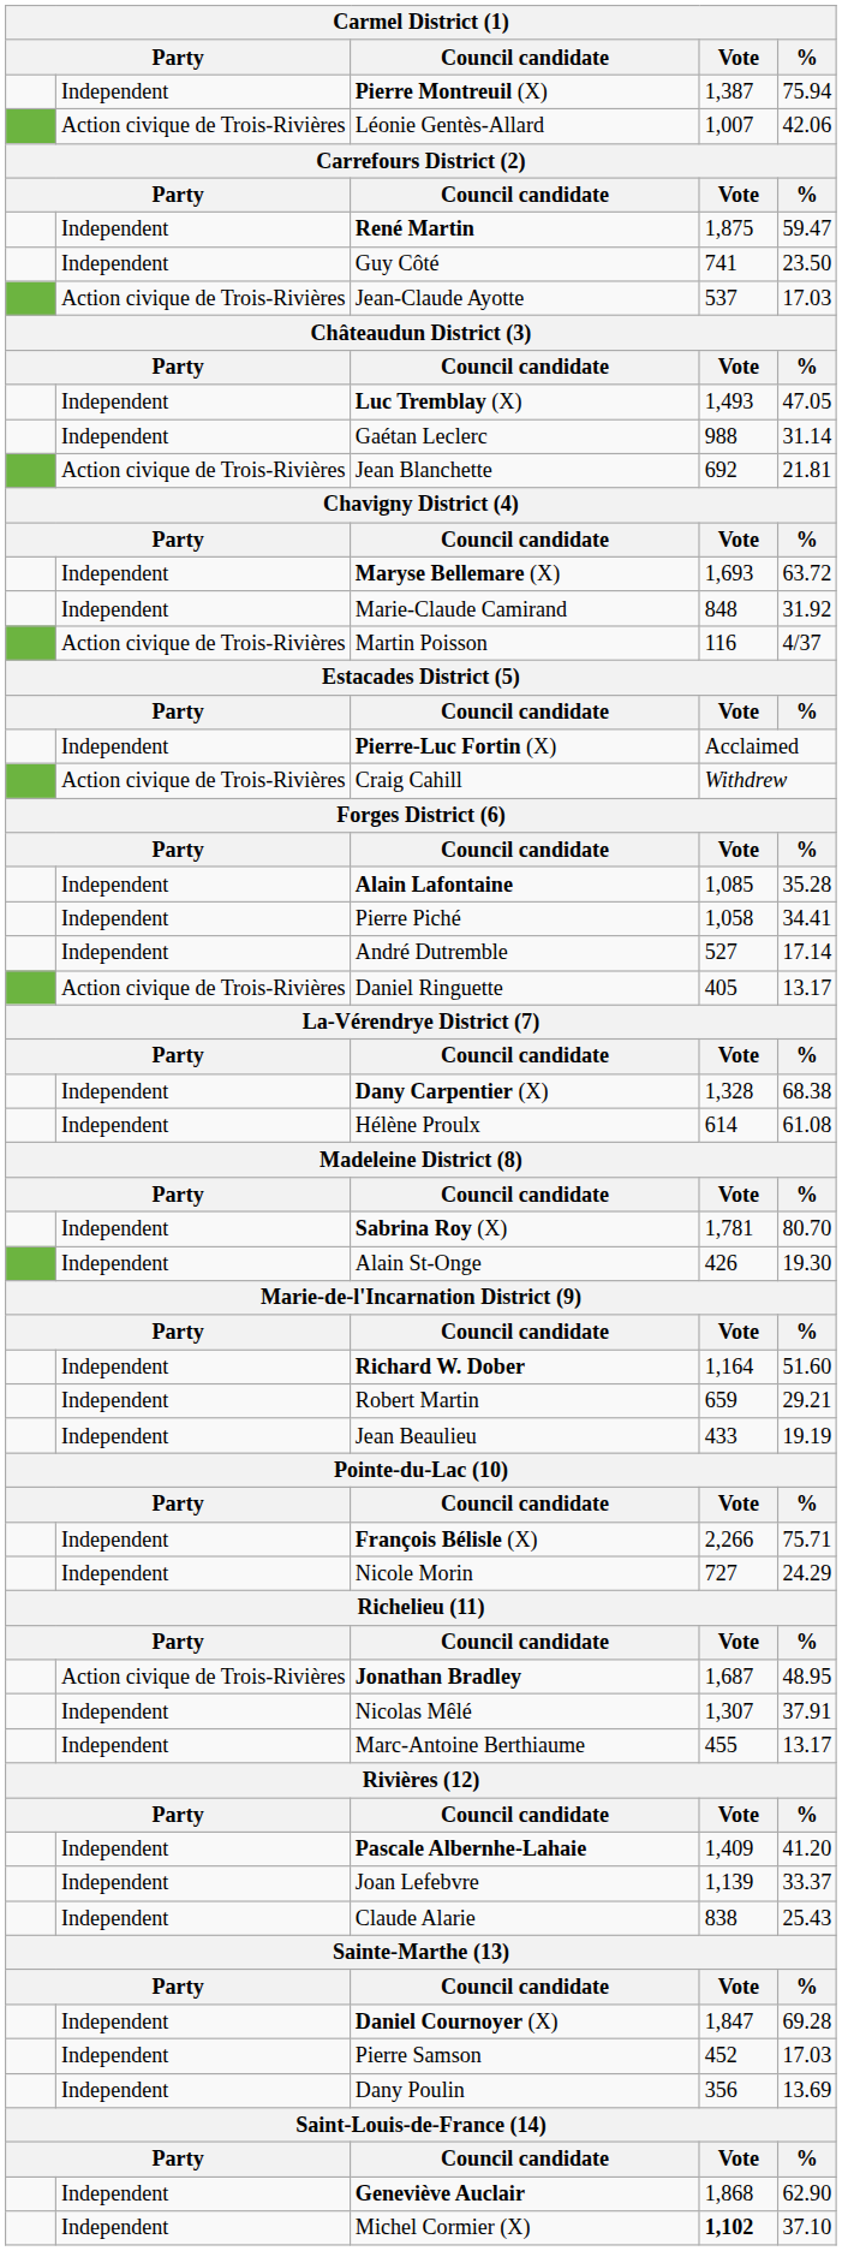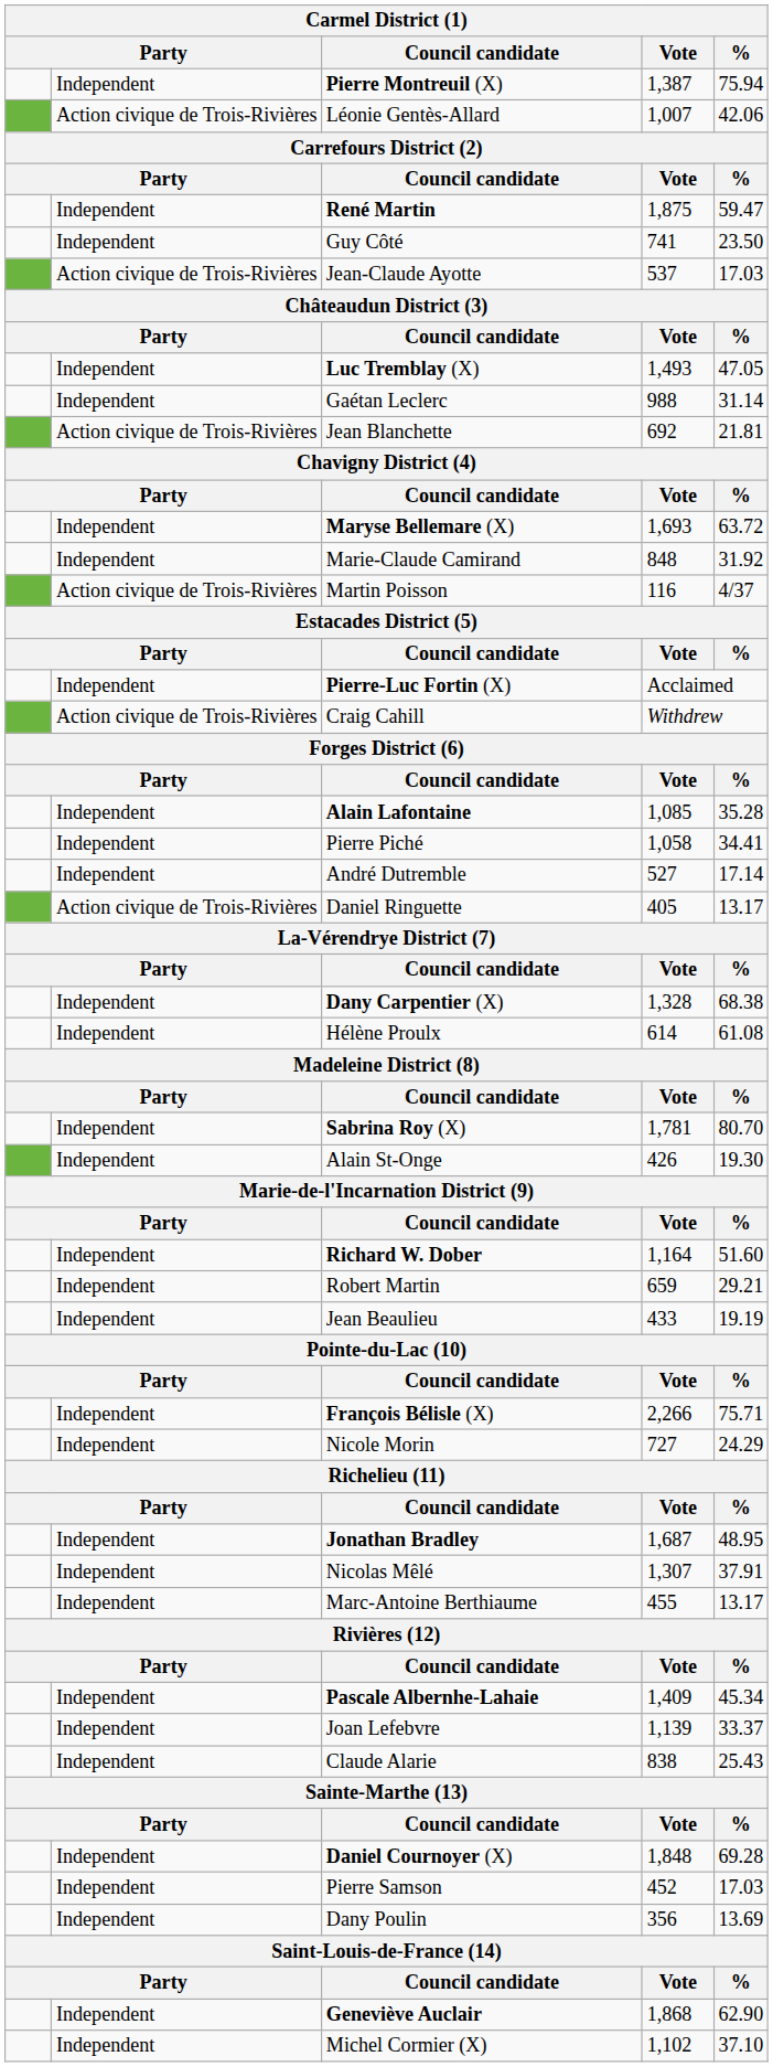 <table class="wikitable">
 <tr>
 <th colspan="5">Carmel District (1)</th>
 </tr>
 <tr>
 <th bgcolor="#DDDDFF" width="230px" colspan="2">Party</th>
 <th bgcolor="#DDDDFF" width="250px">Council candidate</th>
 <th bgcolor="#DDDDFF" width="50px">Vote</th>
 <th bgcolor="#DDDDFF" width="30px">%</th>
 </tr>
 <tr>
 <td> </td>
 <td>Independent</td>
 <td><strong>Pierre Montreuil</strong> (X)</td>
 <td>1,387</td>
 <td>75.94</td>
 </tr>
 <tr>
 <td bgcolor=#6cb440 width="30px"> </td>
 <td>Action civique de Trois-Rivières</td>
 <td>Léonie Gentès-Allard</td>
 <td>1,007</td>
 <td>42.06</td>
 </tr>
 <tr>
 <th colspan="5">Carrefours District (2)</th>
 </tr>
 <tr>
 <th bgcolor="#DDDDFF" width="230px" colspan="2">Party</th>
 <th bgcolor="#DDDDFF" width="250px">Council candidate</th>
 <th bgcolor="#DDDDFF" width="50px">Vote</th>
 <th bgcolor="#DDDDFF" width="30px">%</th>
 </tr>
 <tr>
 <td> </td>
 <td>Independent</td>
 <td><strong>René Martin</strong></td>
 <td>1,875</td>
 <td>59.47</td>
 </tr>
 <tr>
 <td> </td>
 <td>Independent</td>
 <td>Guy Côté</td>
 <td>741</td>
 <td>23.50</td>
 </tr>
 <tr>
 <td bgcolor=#6cb440 width="30px"> </td>
 <td>Action civique de Trois-Rivières</td>
 <td>Jean-Claude Ayotte</td>
 <td>537</td>
 <td>17.03</td>
 </tr>
 <tr>
 <th colspan="5">Châteaudun District (3)</th>
 </tr>
 <tr>
 <th bgcolor="#DDDDFF" width="230px" colspan="2">Party</th>
 <th bgcolor="#DDDDFF" width="250px">Council candidate</th>
 <th bgcolor="#DDDDFF" width="50px">Vote</th>
 <th bgcolor="#DDDDFF" width="30px">%</th>
 </tr>
 <tr>
 <td> </td>
 <td>Independent</td>
 <td><strong>Luc Tremblay</strong> (X)</td>
 <td>1,493</td>
 <td>47.05</td>
 </tr>
 <tr>
 <td> </td>
 <td>Independent</td>
 <td>Gaétan Leclerc</td>
 <td>988</td>
 <td>31.14</td>
 </tr>
 <tr>
 <td bgcolor=#6cb440 width="30px"> </td>
 <td>Action civique de Trois-Rivières</td>
 <td>Jean Blanchette</td>
 <td>692</td>
 <td>21.81</td>
 </tr>
 <tr>
 <th colspan="5">Chavigny District (4)</th>
 </tr>
 <tr>
 <th bgcolor="#DDDDFF" width="230px" colspan="2">Party</th>
 <th bgcolor="#DDDDFF" width="250px">Council candidate</th>
 <th bgcolor="#DDDDFF" width="50px">Vote</th>
 <th bgcolor="#DDDDFF" width="30px">%</th>
 </tr>
 <tr>
 <td> </td>
 <td>Independent</td>
 <td><strong>Maryse Bellemare</strong> (X)</td>
 <td>1,693</td>
 <td>63.72</td>
 </tr>
 <tr>
 <td> </td>
 <td>Independent</td>
 <td>Marie-Claude Camirand</td>
 <td>848</td>
 <td>31.92</td>
 </tr>
 <tr>
 <td bgcolor=#6cb440 width="30px"> </td>
 <td>Action civique de Trois-Rivières</td>
 <td>Martin Poisson</td>
 <td>116</td>
 <td>4/37</td>
 </tr>
 <tr>
 <th colspan="5">Estacades District (5)</th>
 </tr>
 <tr>
 <th bgcolor="#DDDDFF" width="230px" colspan="2">Party</th>
 <th bgcolor="#DDDDFF" width="250px">Council candidate</th>
 <th bgcolor="#DDDDFF" width="50px">Vote</th>
 <th bgcolor="#DDDDFF" width="30px">%</th>
 </tr>
 <tr>
 <td> </td>
 <td>Independent</td>
 <td><strong>Pierre-Luc Fortin</strong> (X)</td>
 <td colspan="2">Acclaimed</td>
 </tr>
 <tr>
 <td bgcolor=#6cb440 width="30px"> </td>
 <td>Action civique de Trois-Rivières</td>
 <td>Craig Cahill</td>
 <td colspan="2"><em>Withdrew</em></td>
 </tr>
 <tr>
 <th colspan="5">Forges District (6)</th>
 </tr>
 <tr>
 <th bgcolor="#DDDDFF" width="230px" colspan="2">Party</th>
 <th bgcolor="#DDDDFF" width="250px">Council candidate</th>
 <th bgcolor="#DDDDFF" width="50px">Vote</th>
 <th bgcolor="#DDDDFF" width="30px">%</th>
 </tr>
 <tr>
 <td> </td>
 <td>Independent</td>
 <td><strong>Alain Lafontaine</strong></td>
 <td>1,085</td>
 <td>35.28</td>
 </tr>
 <tr>
 <td> </td>
 <td>Independent</td>
 <td>Pierre Piché</td>
 <td>1,058</td>
 <td>34.41</td>
 </tr>
 <tr>
 <td> </td>
 <td>Independent</td>
 <td>André Dutremble</td>
 <td>527</td>
 <td>17.14</td>
 </tr>
 <tr>
 <td bgcolor=#6cb440 width="30px"> </td>
 <td>Action civique de Trois-Rivières</td>
 <td>Daniel Ringuette</td>
 <td>405</td>
 <td>13.17</td>
 </tr>
 <tr>
 <th colspan="5">La-Vérendrye District (7)</th>
 </tr>
 <tr>
 <th bgcolor="#DDDDFF" width="230px" colspan="2">Party</th>
 <th bgcolor="#DDDDFF" width="250px">Council candidate</th>
 <th bgcolor="#DDDDFF" width="50px">Vote</th>
 <th bgcolor="#DDDDFF" width="30px">%</th>
 </tr>
 <tr>
 <td> </td>
 <td>Independent</td>
 <td><strong>Dany Carpentier</strong> (X)</td>
 <td>1,328</td>
 <td>68.38</td>
 </tr>
 <tr>
 <td> </td>
 <td>Independent</td>
 <td>Hélène Proulx</td>
 <td>614</td>
 <td>61.08</td>
 </tr>
 <tr>
 <th colspan="5">Madeleine District (8)</th>
 </tr>
 <tr>
 <th bgcolor="#DDDDFF" width="230px" colspan="2">Party</th>
 <th bgcolor="#DDDDFF" width="250px">Council candidate</th>
 <th bgcolor="#DDDDFF" width="50px">Vote</th>
 <th bgcolor="#DDDDFF" width="30px">%</th>
 </tr>
 <tr>
 <td> </td>
 <td>Independent</td>
 <td><strong>Sabrina Roy</strong> (X)</td>
 <td>1,781</td>
 <td>80.70</td>
 </tr>
 <tr>
 <td bgcolor=#6cb440 width="30px"> </td>
 <td>Independent</td>
 <td>Alain St-Onge</td>
 <td>426</td>
 <td>19.30</td>
 </tr>
 <tr>
 <th colspan="5">Marie-de-l'Incarnation District (9)</th>
 </tr>
 <tr>
 <th bgcolor="#DDDDFF" width="230px" colspan="2">Party</th>
 <th bgcolor="#DDDDFF" width="250px">Council candidate</th>
 <th bgcolor="#DDDDFF" width="50px">Vote</th>
 <th bgcolor="#DDDDFF" width="30px">%</th>
 </tr>
 <tr>
 <td> </td>
 <td>Independent</td>
 <td><strong>Richard W. Dober</strong></td>
 <td>1,164</td>
 <td>51.60</td>
 </tr>
 <tr>
 <td> </td>
 <td>Independent</td>
 <td>Robert Martin</td>
 <td>659</td>
 <td>29.21</td>
 </tr>
 <tr>
 <td> </td>
 <td>Independent</td>
 <td>Jean Beaulieu</td>
 <td>433</td>
 <td>19.19</td>
 </tr>
 <tr>
 <th colspan="5">Pointe-du-Lac (10)</th>
 </tr>
 <tr>
 <th bgcolor="#DDDDFF" width="230px" colspan="2">Party</th>
 <th bgcolor="#DDDDFF" width="250px">Council candidate</th>
 <th bgcolor="#DDDDFF" width="50px">Vote</th>
 <th bgcolor="#DDDDFF" width="30px">%</th>
 </tr>
 <tr>
 <td> </td>
 <td>Independent</td>
 <td><strong>François Bélisle</strong> (X)</td>
 <td>2,266</td>
 <td>75.71</td>
 </tr>
 <tr>
 <td> </td>
 <td>Independent</td>
 <td>Nicole Morin</td>
 <td>727</td>
 <td>24.29</td>
 </tr>
 <tr>
 <th colspan="5">Richelieu (11)</th>
 </tr>
 <tr>
 <th bgcolor="#DDDDFF" width="230px" colspan="2">Party</th>
 <th bgcolor="#DDDDFF" width="250px">Council candidate</th>
 <th bgcolor="#DDDDFF" width="50px">Vote</th>
 <th bgcolor="#DDDDFF" width="30px">%</th>
 </tr>
 <tr>
 <td> </td>
-<td>Action civique de Trois-Rivières</td>
+<td>Independent</td>
 <td><strong>Jonathan Bradley</strong></td>
 <td>1,687</td>
 <td>48.95</td>
 </tr>
 <tr>
 <td> </td>
 <td>Independent</td>
 <td>Nicolas Mêlé</td>
 <td>1,307</td>
 <td>37.91</td>
 </tr>
 <tr>
 <td> </td>
 <td>Independent</td>
 <td>Marc-Antoine Berthiaume</td>
 <td>455</td>
 <td>13.17</td>
 </tr>
 <tr>
 <th colspan="5">Rivières (12)</th>
 </tr>
 <tr>
 <th bgcolor="#DDDDFF" width="230px" colspan="2">Party</th>
 <th bgcolor="#DDDDFF" width="250px">Council candidate</th>
 <th bgcolor="#DDDDFF" width="50px">Vote</th>
 <th bgcolor="#DDDDFF" width="30px">%</th>
 </tr>
 <tr>
 <td> </td>
 <td>Independent</td>
 <td><strong>Pascale Albernhe-Lahaie</strong></td>
 <td>1,409</td>
-<td>41.20</td>
+<td>45.34</td>
 </tr>
 <tr>
 <td> </td>
 <td>Independent</td>
 <td>Joan Lefebvre</td>
 <td>1,139</td>
 <td>33.37</td>
 </tr>
 <tr>
 <td> </td>
 <td>Independent</td>
 <td>Claude Alarie</td>
 <td>838</td>
 <td>25.43</td>
 </tr>
 <tr>
 <th colspan="5">Sainte-Marthe (13)</th>
 </tr>
 <tr>
 <th bgcolor="#DDDDFF" width="230px" colspan="2">Party</th>
 <th bgcolor="#DDDDFF" width="250px">Council candidate</th>
 <th bgcolor="#DDDDFF" width="50px">Vote</th>
 <th bgcolor="#DDDDFF" width="30px">%</th>
 </tr>
 <tr>
 <td> </td>
 <td>Independent</td>
 <td><strong>Daniel Cournoyer</strong> (X)</td>
-<td>1,847</td>
+<td>1,848</td>
 <td>69.28</td>
 </tr>
 <tr>
 <td> </td>
 <td>Independent</td>
 <td>Pierre Samson</td>
 <td>452</td>
 <td>17.03</td>
 </tr>
 <tr>
 <td> </td>
 <td>Independent</td>
 <td>Dany Poulin</td>
 <td>356</td>
 <td>13.69</td>
 </tr>
 <tr>
 <th colspan="5">Saint-Louis-de-France (14)</th>
 </tr>
 <tr>
 <th bgcolor="#DDDDFF" width="230px" colspan="2">Party</th>
 <th bgcolor="#DDDDFF" width="250px">Council candidate</th>
 <th bgcolor="#DDDDFF" width="50px">Vote</th>
 <th bgcolor="#DDDDFF" width="30px">%</th>
 </tr>
 <tr>
 <td> </td>
 <td>Independent</td>
 <td><strong>Geneviève Auclair</strong></td>
 <td>1,868</td>
 <td>62.90</td>
 </tr>
 <tr>
 <td> </td>
 <td>Independent</td>
 <td>Michel Cormier (X)</td>
-<td><strong>1,102</strong></td>
+<td>1,102</td>
 <td>37.10</td>
 </tr>
 </table>
